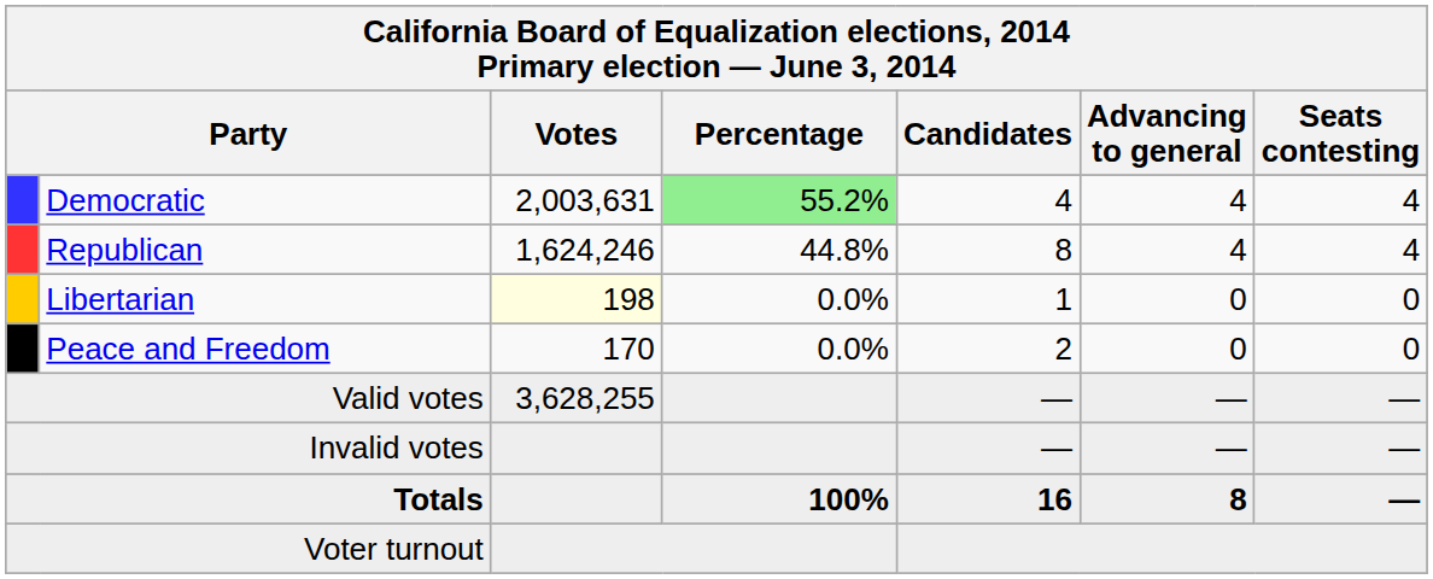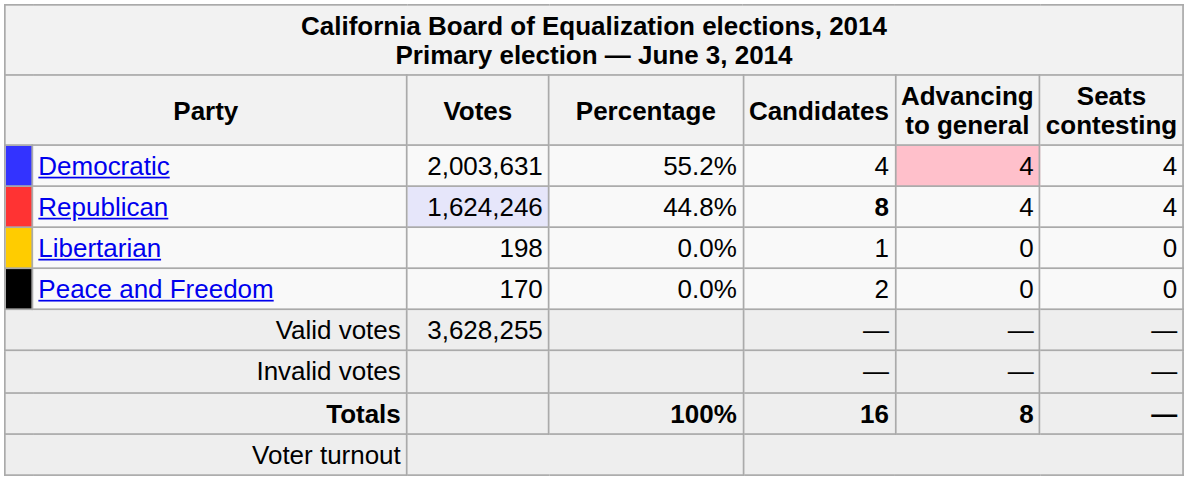 <table class="wikitable" style="font-size:95%;">
 <tr>
 <th colspan="7">California Board of Equalization elections, 2014<br>Primary election — June 3, 2014</th>
 </tr>
 <tr>
 <th colspan=2 style="width: 15em">Party</th>
 <th style="width: 5em">Votes</th>
 <th style="width: 7em">Percentage</th>
 <th style="width: 5em">Candidates</th>
 <th style="width: 5em">Advancing to general</th>
 <th style="width: 5em">Seats contesting</th>
 </tr>
 <tr>
 <th style="background-color:#3333FF; width: 3px"></th>
 <td style="width: 130px"><a href='#'>Democratic</a></td>
 <td align="right">2,003,631</td>
-<td align="right" style="background: lightgreen;">55.2%</td>
+<td align="right">55.2%</td>
 <td align="right">4</td>
-<td align="right">4</td>
+<td align="right" style="background: pink;">4</td>
 <td align="right">4</td>
 </tr>
 <tr>
 <th style="background-color:#FF3333; width: 3px"></th>
 <td style="width: 130px"><a href='#'>Republican</a></td>
-<td align="right">1,624,246</td>
+<td align="right" style="background: lavender;">1,624,246</td>
 <td align="right">44.8%</td>
-<td align="right">8</td>
+<td align="right"><strong>8</strong></td>
 <td align="right">4</td>
 <td align="right">4</td>
 </tr>
 <tr>
 <th style="background-color:#FFCC00; width: 3px"></th>
 <td style="width: 130px"><a href='#'>Libertarian</a></td>
-<td align="right" style="background: lightyellow;">198</td>
+<td align="right">198</td>
 <td align="right">0.0%</td>
 <td align="right">1</td>
 <td align="right">0</td>
 <td align="right">0</td>
 </tr>
 <tr>
 <th style="background-color:#000000; width: 3px"></th>
 <td style="width: 130px"><a href='#'>Peace and Freedom</a></td>
 <td align="right">170</td>
 <td align="right">0.0%</td>
 <td align="right">2</td>
 <td align="right">0</td>
 <td align="right">0</td>
 </tr>
 <tr bgcolor="#EEEEEE">
 <td colspan="2" align="right">Valid votes</td>
 <td align="right">3,628,255</td>
 <td align="right"></td>
 <td align="right">—</td>
 <td align="right">—</td>
 <td align="right">—</td>
 </tr>
 <tr bgcolor="#EEEEEE">
 <td colspan="2" align="right">Invalid votes</td>
 <td align="right"></td>
 <td align="right"></td>
 <td align="right">—</td>
 <td align="right">—</td>
 <td align="right">—</td>
 </tr>
 <tr bgcolor="#EEEEEE">
 <td colspan="2" align="right"><strong>Totals</strong></td>
 <td align="right"></td>
 <td align="right"><strong>100%</strong></td>
 <td align="right"><strong>16</strong></td>
 <td align="right"><strong>8</strong></td>
 <td align="right"><strong>—</strong></td>
 </tr>
 <tr bgcolor="#EEEEEE">
 <td colspan="2" align="right">Voter turnout</td>
 <td colspan="2" align="right"></td>
 <td colspan="3" align="right"></td>
 </tr>
 </table>
